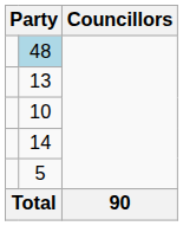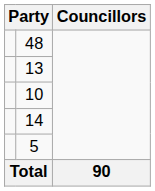 <table class="wikitable">
 <tr>
 <th colspan=2>Party</th>
 <th>Councillors</th>
 </tr>
 <tr>
 <td></td>
-<td align=center style="background: lightblue;">48</td>
+<td align=center>48</td>
 </tr>
 <tr>
 <td></td>
 <td align=center>13</td>
 </tr>
 <tr>
 <td></td>
 <td align=center>10</td>
 </tr>
 <tr>
 <td></td>
 <td align=center>14</td>
 </tr>
 <tr>
 <td></td>
 <td align=center>5</td>
 </tr>
 <tr>
 <th colspan=2>Total</th>
 <th align=center>90</th>
 </tr>
 </table>
